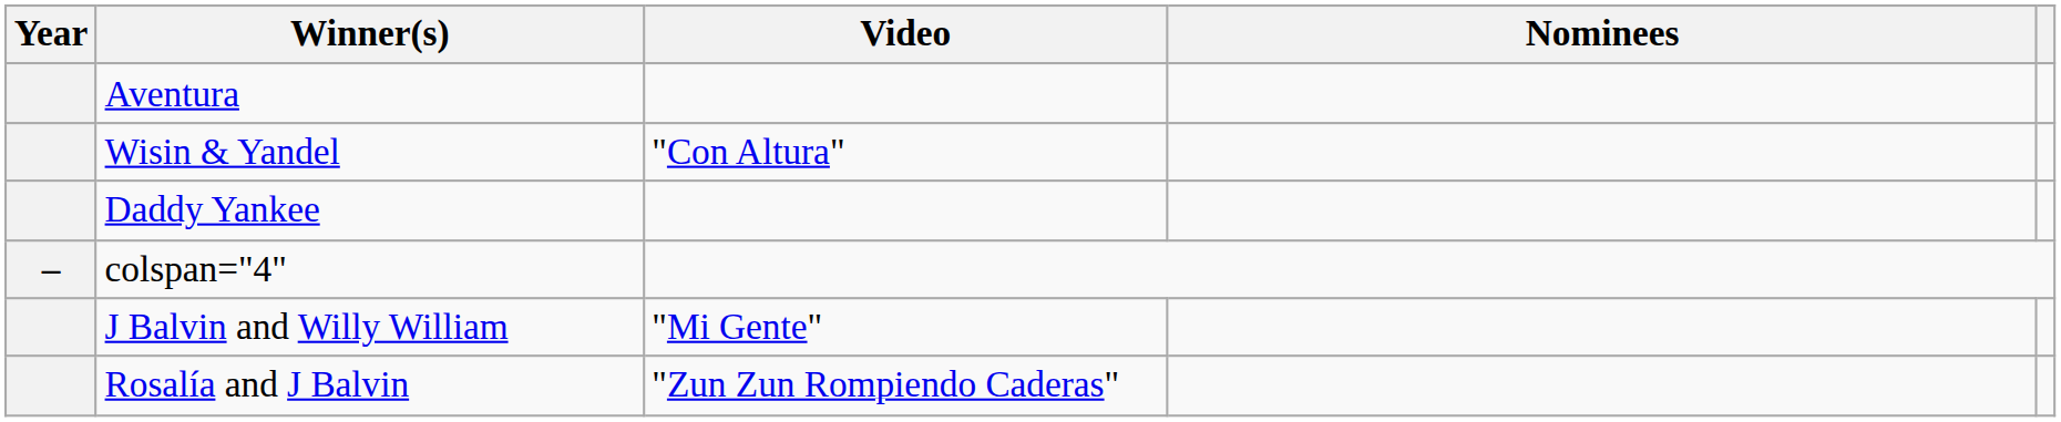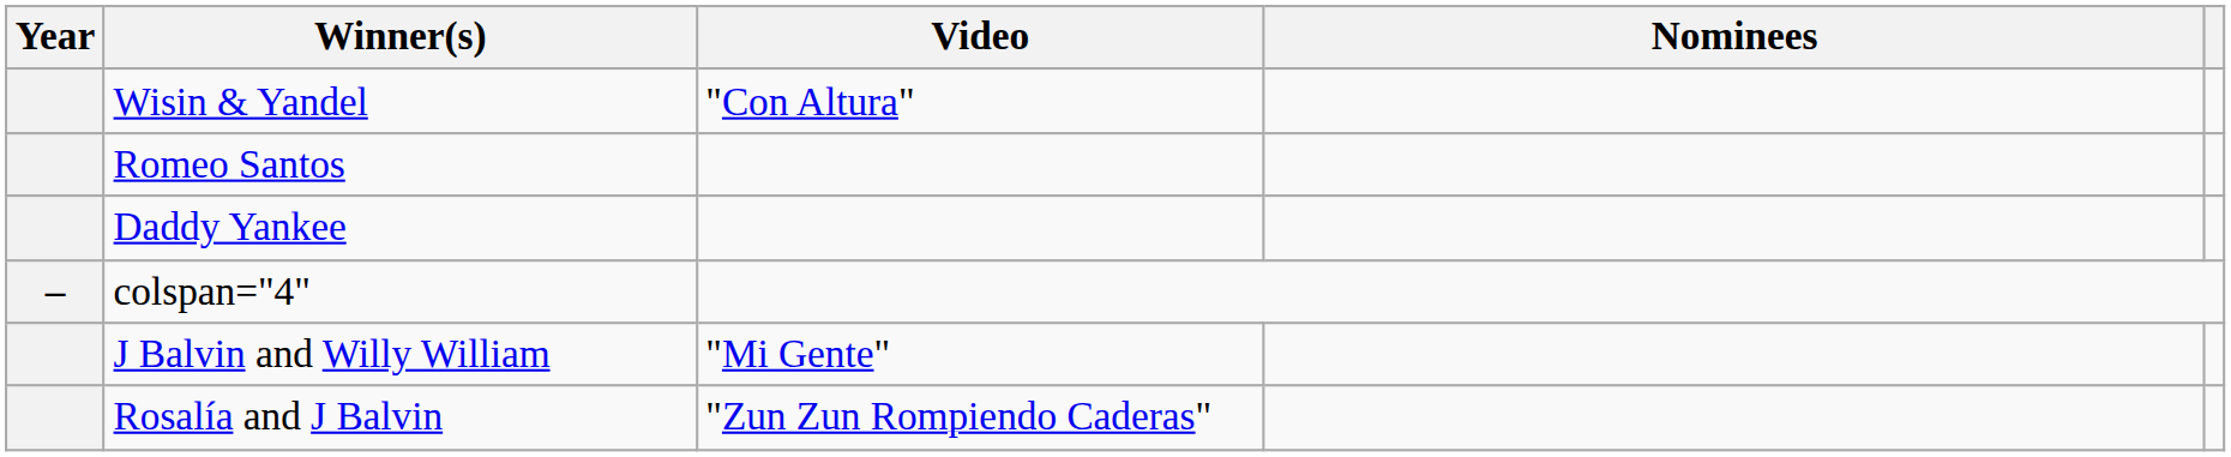 <table class="wikitable sortable">
 <tr>
 <th scope="col" style="width:25px;">Year</th>
 <th scope="col" style="width:230px;">Winner(s)</th>
 <th scope="col" style="width:220px;">Video</th>
 <th scope="col" style="width:370px;">Nominees</th>
 <th scope="col" class="unsortable"></th>
 </tr>
 <tr>
 <th scope="row"></th>
-<td><a href='#'>Aventura</a></td>
-<td></td>
+<td><a href='#'>Wisin & Yandel</a></td>
+<td>"<a href='#'>Con Altura</a>"</td>
 <td></td>
 <td align="center"></td>
 </tr>
 <tr>
 <th scope="row"></th>
-<td><a href='#'>Wisin & Yandel</a></td>
-<td>"<a href='#'>Con Altura</a>"</td>
+<td><a href='#'>Romeo Santos</a></td>
+<td></td>
 <td></td>
 <td align="center"></td>
 </tr>
 <tr>
 <th scope="row"></th>
 <td><a href='#'>Daddy Yankee</a></td>
 <td></td>
 <td></td>
 <td align="center"></td>
 </tr>
 <tr>
 <th scope="row"> – </th>
 <td>colspan="4" </td>
 </tr>
 <tr>
 <th scope="row"></th>
 <td><a href='#'>J Balvin</a> and <a href='#'>Willy William</a></td>
 <td>"<a href='#'>Mi Gente</a>"</td>
 <td></td>
 <td align="center"></td>
 </tr>
 <tr>
 <th scope="row"></th>
 <td><a href='#'>Rosalía</a> and <a href='#'>J Balvin</a> </td>
 <td>"<a href='#'>Zun Zun Rompiendo Caderas</a>"</td>
 <td></td>
 <td align="center"></td>
 </tr>
 </table>
